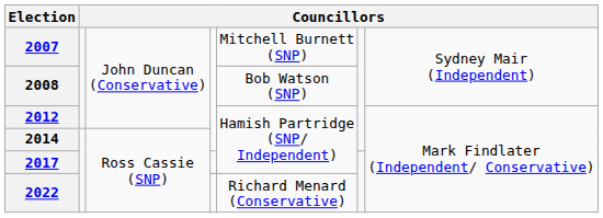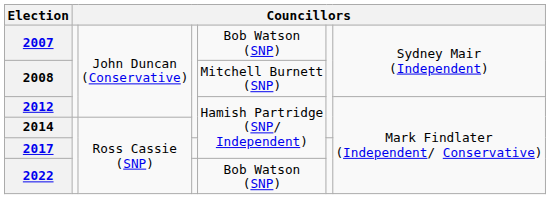 <table class="wikitable" style="text-align:center">
 <tr>
 <th>Election</th>
 <th colspan=6>Councillors</th>
 </tr>
 <tr>
 <th><a href='#'>2007</a></th>
 <td rowspan=3; style="background-color: "></td>
 <td rowspan=3>John Duncan<br>(<a href='#'>Conservative</a>)</td>
 <td rowspan=4; style="background-color: "></td>
-<td rowspan=1>Mitchell Burnett<br>(<a href='#'>SNP</a>)</td>
+<td rowspan=1>Bob Watson<br>(<a href='#'>SNP</a>)</td>
 <td rowspan=4; style="background-color: "></td>
 <td rowspan=2>Sydney Mair<br>(<a href='#'>Independent</a>)</td>
 </tr>
 <tr>
 <th>2008</th>
-<td rowspan=1>Bob Watson<br>(<a href='#'>SNP</a>)</td>
+<td rowspan=1>Mitchell Burnett<br>(<a href='#'>SNP</a>)</td>
 </tr>
 <tr>
 <th><a href='#'>2012</a></th>
 <td rowspan=3>Hamish Partridge<br>(<a href='#'>SNP</a>/<br><a href='#'>Independent</a>)</td>
 <td rowspan=4>Mark Findlater<br>(<a href='#'>Independent</a>/ <a href='#'>Conservative</a>)</td>
 </tr>
 <tr>
 <th>2014</th>
 <td rowspan=3; style="background-color: "></td>
 <td rowspan=3>Ross Cassie<br>(<a href='#'>SNP</a>)</td>
 </tr>
 <tr>
 <th><a href='#'>2017</a></th>
 <td rowspan=1; style="background-color: "></td>
 <td rowspan=2; style="background-color: "></td>
 </tr>
 <tr>
 <th><a href='#'>2022</a></th>
 <td rowspan=1; style="background-color: "></td>
-<td rowspan=1>Richard Menard<br>(<a href='#'>Conservative</a>)</td>
+<td rowspan=1>Bob Watson<br>(<a href='#'>SNP</a>)</td>
 </tr>
 </table>
